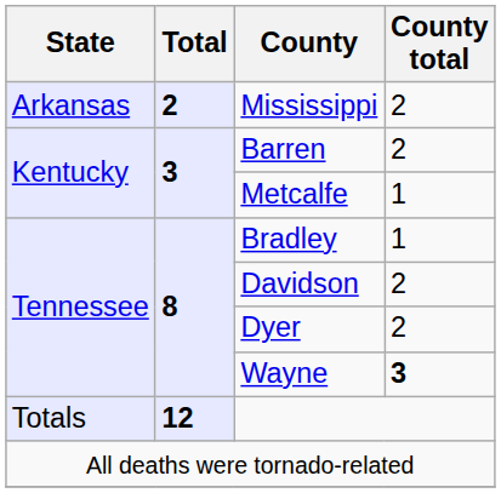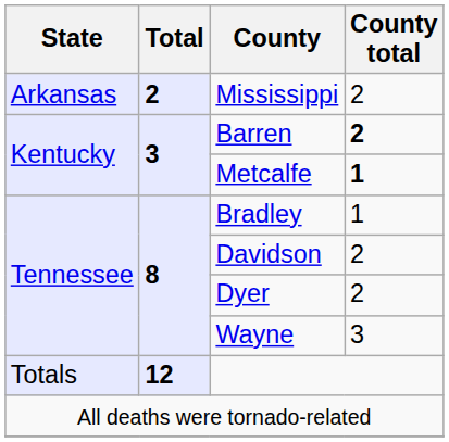 <table class="wikitable" style="margin:0 0 0.5em 1em;float:right;clear:right;">
 <tr>
 <th><strong>State</strong></th>
 <th><strong>Total</strong></th>
 <th><strong>County</strong></th>
 <th><strong>County<br>total</strong></th>
 </tr>
 <tr>
 <td rowspan=1 bgcolor="#e6e9ff"><a href='#'>Arkansas</a></td>
 <td rowspan=1 bgcolor="#e6e9ff"><strong>2</strong></td>
 <td><a href='#'>Mississippi</a></td>
 <td>2</td>
 </tr>
 <tr>
 <td rowspan=2 bgcolor="#e6e9ff"><a href='#'>Kentucky</a></td>
 <td rowspan=2 bgcolor="#e6e9ff"><strong>3</strong></td>
 <td><a href='#'>Barren</a></td>
-<td>2</td>
+<td><strong>2</strong></td>
 </tr>
 <tr>
 <td><a href='#'>Metcalfe</a></td>
-<td>1</td>
+<td><strong>1</strong></td>
 </tr>
 <tr>
 <td rowspan=4 bgcolor="#e6e9ff"><a href='#'>Tennessee</a></td>
 <td rowspan=4 bgcolor="#e6e9ff"><strong>8</strong></td>
 <td><a href='#'>Bradley</a></td>
 <td>1</td>
 </tr>
 <tr>
 <td><a href='#'>Davidson</a></td>
 <td>2</td>
 </tr>
 <tr>
 <td><a href='#'>Dyer</a></td>
 <td>2</td>
 </tr>
 <tr>
 <td><a href='#'>Wayne</a></td>
-<td><strong>3</strong></td>
+<td>3</td>
 </tr>
 <tr>
 <td bgcolor="#e6e9ff">Totals</td>
 <td bgcolor="#e6e9ff"><strong>12</strong></td>
 <td colspan=2></td>
 </tr>
 <tr>
 <td colspan=4 align=center><small>All deaths were tornado-related</small></td>
 </tr>
 <tr>
 </tr>
 </table>
